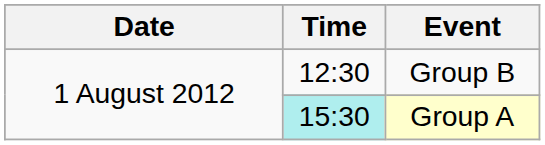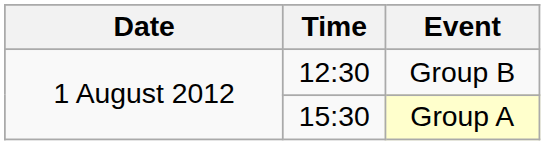 <table class = "wikitable" style="text-align:center;">
 <tr>
 <th width=150>Date</th>
 <th width=50>Time</th>
 <th width=80>Event</th>
 </tr>
 <tr>
 <td rowspan=2>1 August 2012</td>
 <td>12:30</td>
 <td>Group B</td>
 </tr>
 <tr>
-<td style="background: paleturquoise;">15:30</td>
+<td>15:30</td>
 <td bgcolor=ffffcc>Group A</td>
 </tr>
 </table>
